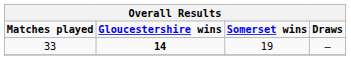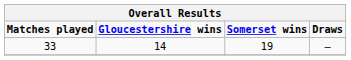 <table class=wikitable style="text-align:center">
 <tr>
 <th colspan=4>Overall Results</th>
 </tr>
 <tr>
 <td><strong>Matches played</strong></td>
 <td><strong><a href='#'>Gloucestershire</a> wins</strong></td>
 <td><strong><a href='#'>Somerset</a> wins</strong></td>
 <td><strong>Draws</strong></td>
 </tr>
 <tr>
 <td>33</td>
-<td><strong>14</strong></td>
+<td>14</td>
 <td>19</td>
 <td>–</td>
 </tr>
 <tr>
 </tr>
 </table>
